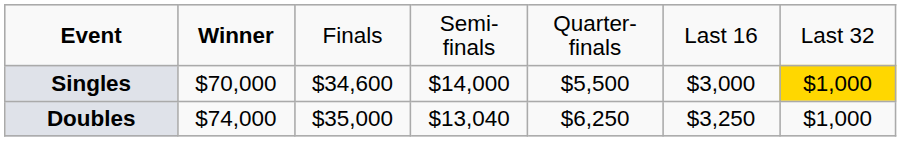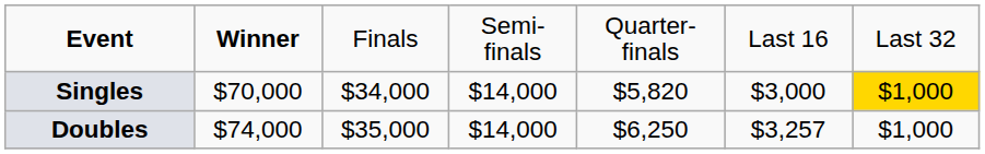 <table class=wikitable style="font-size:90%;text-align:center">
 <tr>
 <td style="width:104px;"><strong>Event</strong></td>
 <td style="width:68px;"><strong>Winner</strong></td>
 <td style="width:68px;">Finals</td>
 <td style="width:68px;">Semi-finals</td>
 <td style="width:80px;">Quarter-finals</td>
 <td style="width:68px;">Last 16</td>
 <td style="width:68px;">Last 32</td>
 </tr>
 <tr>
 <td style="background:#dfe2e9;"><strong>Singles</strong></td>
 <td>$70,000</td>
-<td>$34,600</td>
+<td>$34,000</td>
 <td>$14,000</td>
-<td>$5,500</td>
+<td>$5,820</td>
 <td>$3,000</td>
 <td style="background: gold;">$1,000</td>
 </tr>
 <tr>
 <td style="background:#dfe2e9;"><strong>Doubles</strong></td>
 <td>$74,000</td>
 <td>$35,000</td>
-<td>$13,040</td>
+<td>$14,000</td>
 <td>$6,250</td>
-<td>$3,250</td>
+<td>$3,257</td>
 <td>$1,000</td>
 </tr>
 </table>
